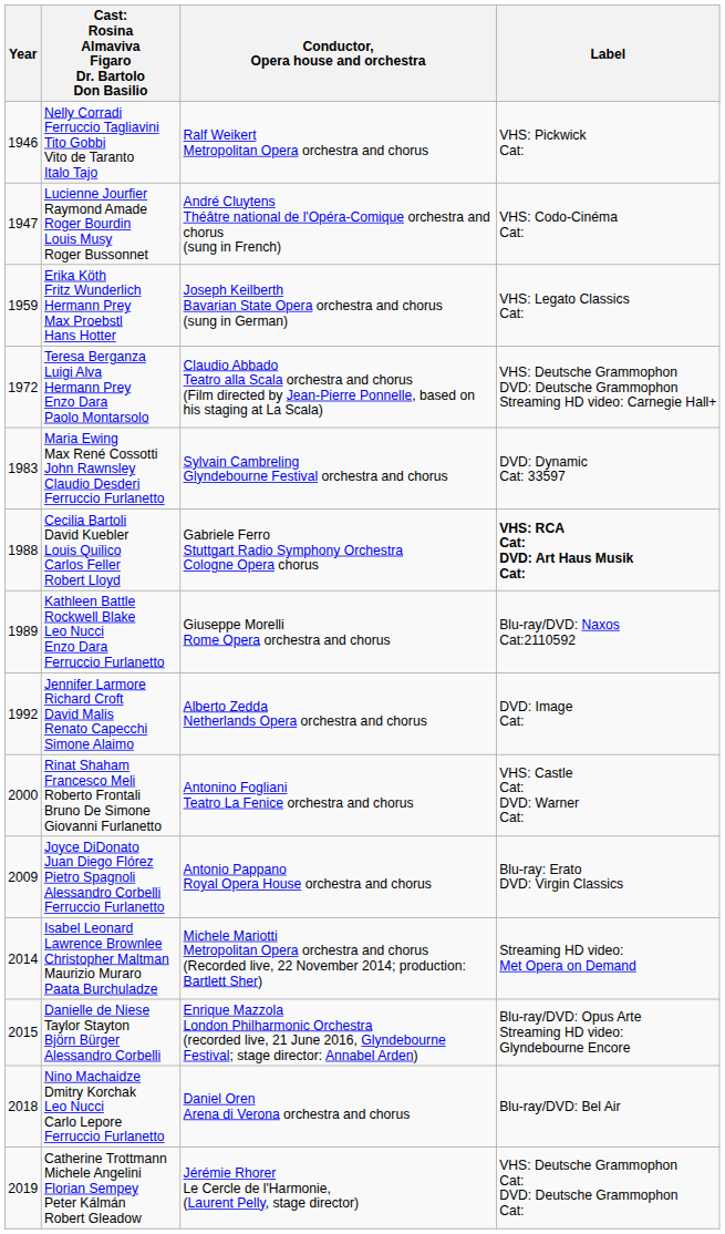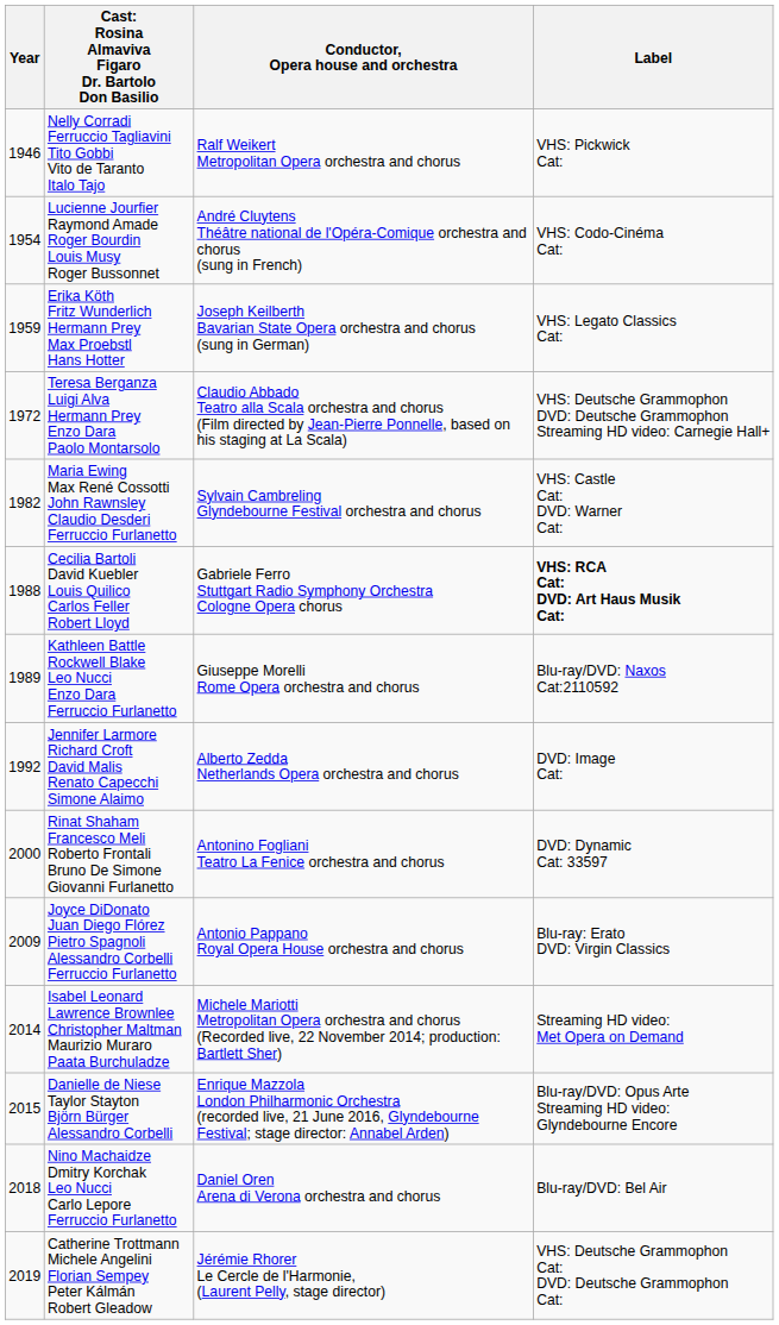 <table class="wikitable" style="font-size:95%;">
 <tr>
 <th>Year</th>
 <th width="150">Cast:<br>Rosina<br>Almaviva<br>Figaro<br>Dr. Bartolo<br>Don Basilio</th>
 <th width="350">Conductor,<br>Opera house and orchestra</th>
 <th>Label</th>
 </tr>
 <tr>
 <td>1946</td>
 <td><a href='#'>Nelly Corradi</a><br><a href='#'>Ferruccio Tagliavini</a><br><a href='#'>Tito Gobbi</a><br>Vito de Taranto<br><a href='#'>Italo Tajo</a></td>
 <td><a href='#'>Ralf Weikert</a><br><a href='#'>Metropolitan Opera</a> orchestra and chorus</td>
 <td>VHS: Pickwick<br>Cat:</td>
 </tr>
 <tr>
-<td>1947</td>
+<td>1954</td>
 <td><a href='#'>Lucienne Jourfier</a><br>Raymond Amade<br><a href='#'>Roger Bourdin</a><br><a href='#'>Louis Musy</a><br>Roger Bussonnet</td>
 <td><a href='#'>André Cluytens</a><br><a href='#'>Théâtre national de l'Opéra-Comique</a> orchestra and chorus<br>(sung in French)</td>
 <td>VHS: Codo-Cinéma<br>Cat:</td>
 </tr>
 <tr>
 <td>1959</td>
 <td><a href='#'>Erika Köth</a><br><a href='#'>Fritz Wunderlich</a><br><a href='#'>Hermann Prey</a><br><a href='#'>Max Proebstl</a><br><a href='#'>Hans Hotter</a></td>
 <td><a href='#'>Joseph Keilberth</a><br><a href='#'>Bavarian State Opera</a> orchestra and chorus<br>(sung in German)</td>
 <td>VHS: Legato Classics<br>Cat:</td>
 </tr>
 <tr>
 <td>1972</td>
 <td><a href='#'>Teresa Berganza</a><br><a href='#'>Luigi Alva</a><br><a href='#'>Hermann Prey</a><br><a href='#'>Enzo Dara</a><br><a href='#'>Paolo Montarsolo</a></td>
 <td><a href='#'>Claudio Abbado</a><br><a href='#'>Teatro alla Scala</a> orchestra and chorus<br>(Film directed by <a href='#'>Jean-Pierre Ponnelle</a>, based on his staging at La Scala)</td>
 <td>VHS: Deutsche Grammophon<br>DVD: Deutsche Grammophon<br>Streaming HD video: Carnegie Hall+</td>
 </tr>
 <tr>
-<td>1983</td>
+<td>1982</td>
 <td><a href='#'>Maria Ewing</a><br>Max René Cossotti<br><a href='#'>John Rawnsley</a><br><a href='#'>Claudio Desderi</a><br><a href='#'>Ferruccio Furlanetto</a></td>
 <td><a href='#'>Sylvain Cambreling</a><br><a href='#'>Glyndebourne Festival</a> orchestra and chorus</td>
-<td>DVD: Dynamic<br>Cat: 33597</td>
+<td>VHS: Castle<br>Cat:         <br>DVD: Warner<br>Cat:</td>
 </tr>
 <tr>
 <td>1988</td>
 <td><a href='#'>Cecilia Bartoli</a><br>David Kuebler<br><a href='#'>Louis Quilico</a><br><a href='#'>Carlos Feller</a><br><a href='#'>Robert Lloyd</a></td>
 <td>Gabriele Ferro<br><a href='#'>Stuttgart Radio Symphony Orchestra</a><br><a href='#'>Cologne Opera</a> chorus</td>
 <td><strong>VHS: RCA<br>Cat:         <br>DVD: Art Haus Musik<br>Cat:</strong></td>
 </tr>
 <tr>
 <td>1989</td>
 <td><a href='#'>Kathleen Battle</a><br><a href='#'>Rockwell Blake</a><br><a href='#'>Leo Nucci</a><br><a href='#'>Enzo Dara</a><br><a href='#'>Ferruccio Furlanetto</a></td>
 <td>Giuseppe Morelli<br><a href='#'>Rome Opera</a> orchestra and chorus</td>
 <td>Blu-ray/DVD: <a href='#'>Naxos</a><br>Cat:2110592</td>
 </tr>
 <tr>
 <td>1992</td>
 <td><a href='#'>Jennifer Larmore</a><br><a href='#'>Richard Croft</a><br><a href='#'>David Malis</a><br><a href='#'>Renato Capecchi</a><br><a href='#'>Simone Alaimo</a></td>
 <td><a href='#'>Alberto Zedda</a><br><a href='#'>Netherlands Opera</a> orchestra and chorus</td>
 <td>DVD: Image<br>Cat:</td>
 </tr>
 <tr>
 <td>2000</td>
 <td><a href='#'>Rinat Shaham</a><br><a href='#'>Francesco Meli</a><br>Roberto Frontali<br>Bruno De Simone<br>Giovanni Furlanetto</td>
 <td><a href='#'>Antonino Fogliani</a><br><a href='#'>Teatro La Fenice</a> orchestra and chorus</td>
-<td>VHS: Castle<br>Cat:         <br>DVD: Warner<br>Cat:</td>
+<td>DVD: Dynamic<br>Cat: 33597</td>
 </tr>
 <tr>
 <td>2009</td>
 <td><a href='#'>Joyce DiDonato</a><br><a href='#'>Juan Diego Flórez</a><br><a href='#'>Pietro Spagnoli</a><br><a href='#'>Alessandro Corbelli</a><br><a href='#'>Ferruccio Furlanetto</a></td>
 <td><a href='#'>Antonio Pappano</a><br><a href='#'>Royal Opera House</a> orchestra and chorus</td>
 <td>Blu-ray: Erato<br>DVD: Virgin Classics</td>
 </tr>
 <tr>
 <td>2014</td>
 <td><a href='#'>Isabel Leonard</a><br><a href='#'>Lawrence Brownlee</a><br><a href='#'>Christopher Maltman</a><br>Maurizio Muraro<br><a href='#'>Paata Burchuladze</a></td>
 <td><a href='#'>Michele Mariotti</a><br><a href='#'>Metropolitan Opera</a> orchestra and chorus<br>(Recorded live, 22 November 2014; production: <a href='#'>Bartlett Sher</a>)</td>
 <td>Streaming HD video:<br><a href='#'>Met Opera on Demand</a></td>
 </tr>
 <tr>
 <td>2015</td>
 <td><a href='#'>Danielle de Niese</a><br>Taylor Stayton<br><a href='#'>Björn Bürger</a><br><a href='#'>Alessandro Corbelli</a><br></td>
 <td><a href='#'>Enrique Mazzola</a><br><a href='#'>London Philharmonic Orchestra</a><br>(recorded live, 21 June 2016, <a href='#'>Glyndebourne Festival</a>; stage director: <a href='#'>Annabel Arden</a>)</td>
 <td>Blu-ray/DVD: Opus Arte<br>Streaming HD video:<br>Glyndebourne Encore</td>
 </tr>
 <tr>
 <td>2018</td>
 <td><a href='#'>Nino Machaidze</a><br>Dmitry Korchak<br><a href='#'>Leo Nucci</a><br>Carlo Lepore<br><a href='#'>Ferruccio Furlanetto</a></td>
 <td><a href='#'>Daniel Oren</a><br><a href='#'>Arena di Verona</a> orchestra and chorus</td>
 <td>Blu-ray/DVD: Bel Air</td>
 </tr>
 <tr>
 <td>2019</td>
 <td>Catherine Trottmann<br>Michele Angelini<br><a href='#'>Florian Sempey</a><br>Peter Kálmán<br>Robert Gleadow</td>
 <td><a href='#'>Jérémie Rhorer</a><br>Le Cercle de l'Harmonie,<br>(<a href='#'>Laurent Pelly</a>, stage director)</td>
 <td>VHS: Deutsche Grammophon<br>Cat:         <br>DVD: Deutsche Grammophon<br>Cat:</td>
 </tr>
 </table>
